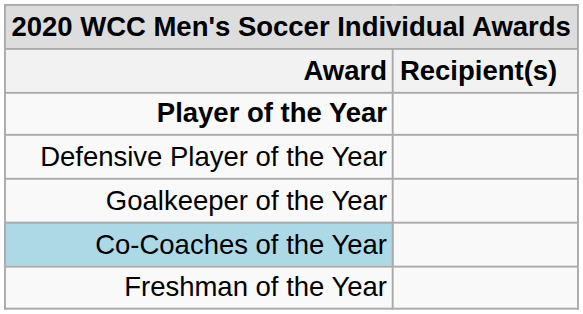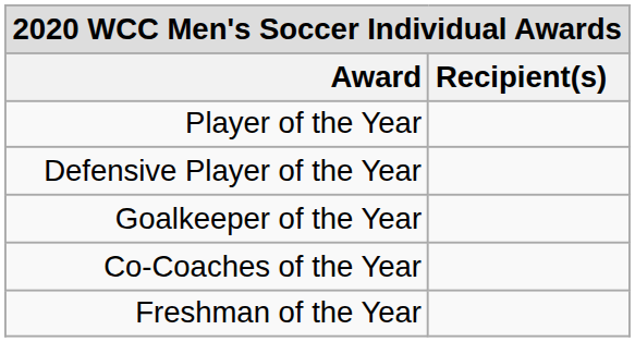 <table class="wikitable" style="white-space:nowrap; font-size:90%;">
 <tr>
 <td colspan="7" style="text-align:center; background:#ddd;"><strong>2020 WCC Men's Soccer Individual Awards</strong></td>
 </tr>
 <tr>
 <th style="text-align:right;">Award</th>
 <th style="text-align:left;">Recipient(s)</th>
 </tr>
 <tr>
-<td style="text-align:right;"><strong>Player of the Year</strong></td>
+<td style="text-align:right;">Player of the Year</td>
 <td style="text-align:left;"></td>
 </tr>
 <tr>
 <td style="text-align:right;">Defensive Player of the Year</td>
 <td style="text-align:left;"></td>
 </tr>
 <tr>
 <td style="text-align:right;">Goalkeeper of the Year</td>
 <td style="text-align:left;"></td>
 </tr>
 <tr>
-<td style="background: lightblue; text-align:right;">Co-Coaches of the Year</td>
+<td style="text-align:right;">Co-Coaches of the Year</td>
 <td style="text-align:left;"></td>
 </tr>
 <tr>
 <td style="text-align:right;">Freshman of the Year</td>
 <td style="text-align:left;"></td>
 </tr>
 </table>
